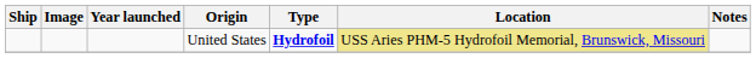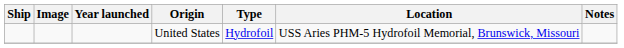 <table class="wikitable sortable">
 <tr>
 <th>Ship</th>
 <th>Image</th>
 <th>Year launched</th>
 <th>Origin</th>
 <th>Type</th>
 <th>Location</th>
 <th>Notes</th>
 </tr>
 <tr>
 <td data-sort-value=Aries></td>
 <td></td>
 <td></td>
 <td> United States</td>
-<td><strong><a href='#'>Hydrofoil</a></strong></td>
-<td style="background: khaki;">USS Aries PHM-5 Hydrofoil Memorial, <a href='#'>Brunswick, Missouri</a><br></td>
+<td><a href='#'>Hydrofoil</a></td>
+<td>USS Aries PHM-5 Hydrofoil Memorial, <a href='#'>Brunswick, Missouri</a><br></td>
 <td></td>
 </tr>
 <tr>
 </tr>
 </table>
